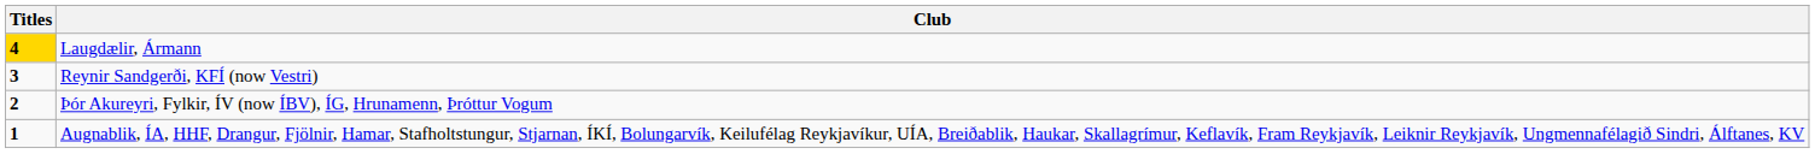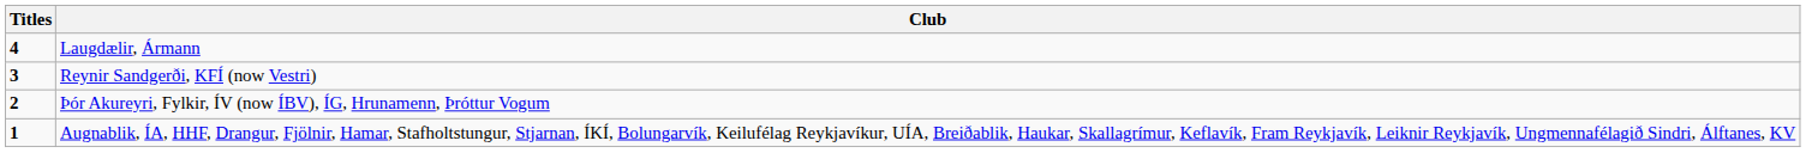 <table class="wikitable" style="text-align: Left">
 <tr>
 <th>Titles</th>
 <th>Club</th>
 </tr>
 <tr>
-<td style="background: gold;"><strong>4</strong></td>
+<td><strong>4</strong></td>
 <td><a href='#'>Laugdælir</a>, <a href='#'>Ármann</a></td>
 </tr>
 <tr>
 <td><strong>3</strong></td>
 <td><a href='#'>Reynir Sandgerði</a>, <a href='#'>KFÍ</a> (now <a href='#'>Vestri</a>)</td>
 </tr>
 <tr>
 <td><strong>2</strong></td>
 <td><a href='#'>Þór Akureyri</a>, Fylkir, ÍV (now <a href='#'>ÍBV</a>), <a href='#'>ÍG</a>, <a href='#'>Hrunamenn</a>, <a href='#'>Þróttur Vogum</a></td>
 </tr>
 <tr>
 <td><strong>1</strong></td>
 <td><a href='#'>Augnablik</a>, <a href='#'>ÍA</a>, <a href='#'>HHF</a>, <a href='#'>Drangur</a>, <a href='#'>Fjölnir</a>, <a href='#'>Hamar</a>, Stafholtstungur, <a href='#'>Stjarnan</a>, ÍKÍ, <a href='#'>Bolungarvík</a>, Keilufélag Reykjavíkur, UÍA, <a href='#'>Breiðablik</a>, <a href='#'>Haukar</a>, <a href='#'>Skallagrímur</a>, <a href='#'>Keflavík</a>, <a href='#'>Fram Reykjavík</a>, <a href='#'>Leiknir Reykjavík</a>, <a href='#'>Ungmennafélagið Sindri</a>, <a href='#'>Álftanes</a>, <a href='#'>KV</a></td>
 </tr>
 </table>
